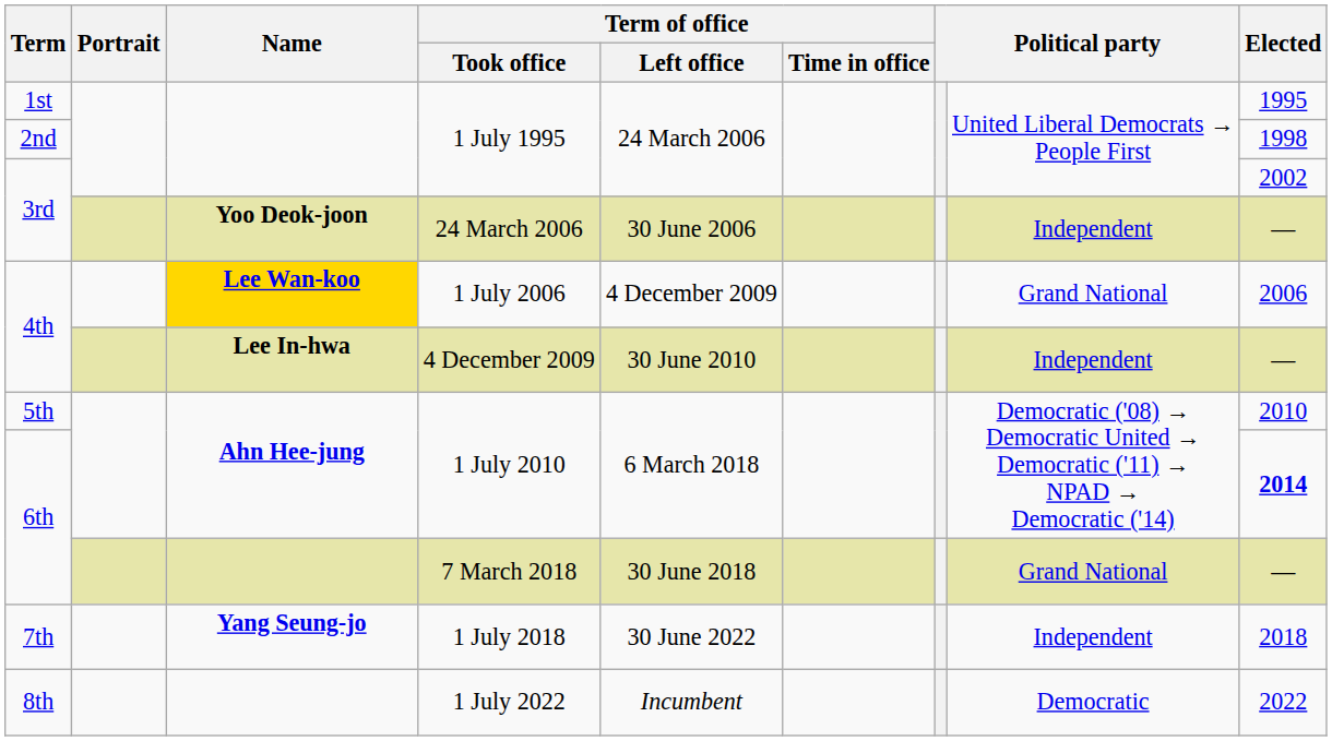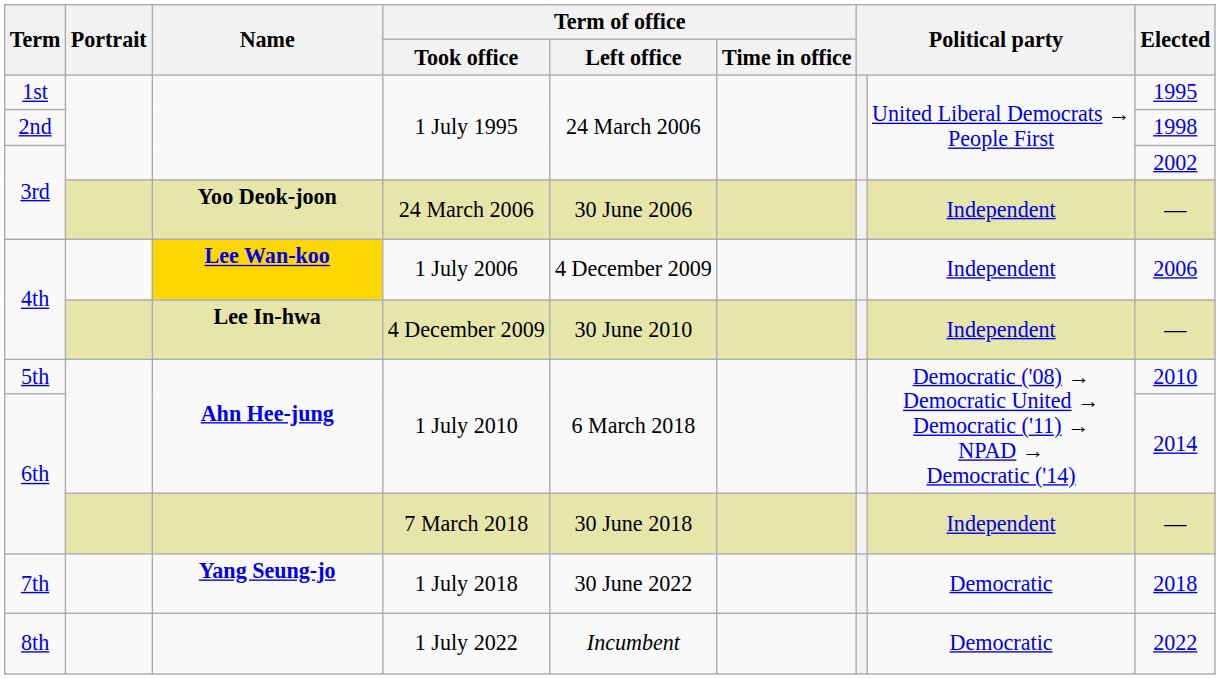 <table class="wikitable" style="text-align:center">
 <tr>
 <th rowspan="2">Term</th>
 <th rowspan="2">Portrait</th>
 <th rowspan="2" width="160">Name<br></th>
 <th colspan="3">Term of office</th>
 <th colspan="2" rowspan="2">Political party</th>
 <th rowspan="2">Elected</th>
 </tr>
 <tr>
 <th>Took office</th>
 <th>Left office</th>
 <th>Time in office</th>
 </tr>
 <tr>
 <td><a href='#'>1st</a></td>
 <td rowspan="3"></td>
 <td rowspan="3"><strong></strong><br><br></td>
 <td rowspan="3">1 July 1995</td>
 <td rowspan="3">24 March 2006</td>
 <td rowspan="3"></td>
 <th rowspan="3" style="background:"></th>
 <td rowspan="3"><a href='#'>United Liberal Democrats</a> →<br><a href='#'>People First</a></td>
 <td><a href='#'>1995</a></td>
 </tr>
 <tr>
 <td><a href='#'>2nd</a></td>
 <td><a href='#'>1998</a></td>
 </tr>
 <tr>
 <td rowspan="2"><a href='#'>3rd</a></td>
 <td><a href='#'>2002</a></td>
 </tr>
 <tr style="background:#E6E6AA;">
 <td></td>
 <td><strong>Yoo Deok-joon</strong><br><br></td>
 <td>24 March 2006</td>
 <td>30 June 2006</td>
 <td></td>
 <th style="background:"></th>
 <td><a href='#'>Independent</a></td>
 <td>—</td>
 </tr>
 <tr>
 <td rowspan="2"><a href='#'>4th</a></td>
 <td></td>
 <td style="background: gold;"><strong><a href='#'>Lee Wan-koo</a></strong><br><br></td>
 <td>1 July 2006</td>
 <td>4 December 2009</td>
 <td></td>
 <th style="background:"></th>
-<td><a href='#'>Grand National</a></td>
+<td><a href='#'>Independent</a></td>
 <td><a href='#'>2006</a></td>
 </tr>
 <tr style="background:#E6E6AA;">
 <td></td>
 <td><strong>Lee In-hwa</strong><br><br></td>
 <td>4 December 2009</td>
 <td>30 June 2010</td>
 <td></td>
 <th style="background:"></th>
 <td><a href='#'>Independent</a></td>
 <td>—</td>
 </tr>
 <tr>
 <td><a href='#'>5th</a></td>
 <td rowspan="2"></td>
 <td rowspan="2"><strong><a href='#'>Ahn Hee-jung</a></strong><br><br></td>
 <td rowspan="2">1 July 2010</td>
 <td rowspan="2">6 March 2018</td>
 <td rowspan="2"></td>
 <th rowspan="2" style="background:"></th>
 <td rowspan="2"><a href='#'>Democratic ('08)</a> →<br><a href='#'>Democratic United</a> →<br><a href='#'>Democratic ('11)</a> →<br><a href='#'>NPAD</a> →<br><a href='#'>Democratic ('14)</a></td>
 <td><a href='#'>2010</a></td>
 </tr>
 <tr>
 <td rowspan="2"><a href='#'>6th</a></td>
-<td><strong><a href='#'>2014</a></strong></td>
+<td><a href='#'>2014</a></td>
 </tr>
 <tr style="background:#E6E6AA;">
 <td></td>
 <td><strong></strong><br><br></td>
 <td>7 March 2018</td>
 <td>30 June 2018</td>
 <td></td>
 <th style="background:"></th>
-<td><a href='#'>Grand National</a></td>
+<td><a href='#'>Independent</a></td>
 <td>—</td>
 </tr>
 <tr>
 <td><a href='#'>7th</a></td>
 <td></td>
 <td><strong><a href='#'>Yang Seung-jo</a></strong><br><br></td>
 <td>1 July 2018</td>
 <td>30 June 2022</td>
 <td></td>
 <th style="background:"></th>
-<td><a href='#'>Independent</a></td>
+<td><a href='#'>Democratic</a></td>
 <td><a href='#'>2018</a></td>
 </tr>
 <tr>
 <td><a href='#'>8th</a></td>
 <td></td>
 <td><strong></strong><br><br></td>
 <td>1 July 2022</td>
 <td><em>Incumbent</em></td>
 <td></td>
 <th style="background:"></th>
 <td><a href='#'>Democratic</a></td>
 <td><a href='#'>2022</a></td>
 </tr>
 </table>
